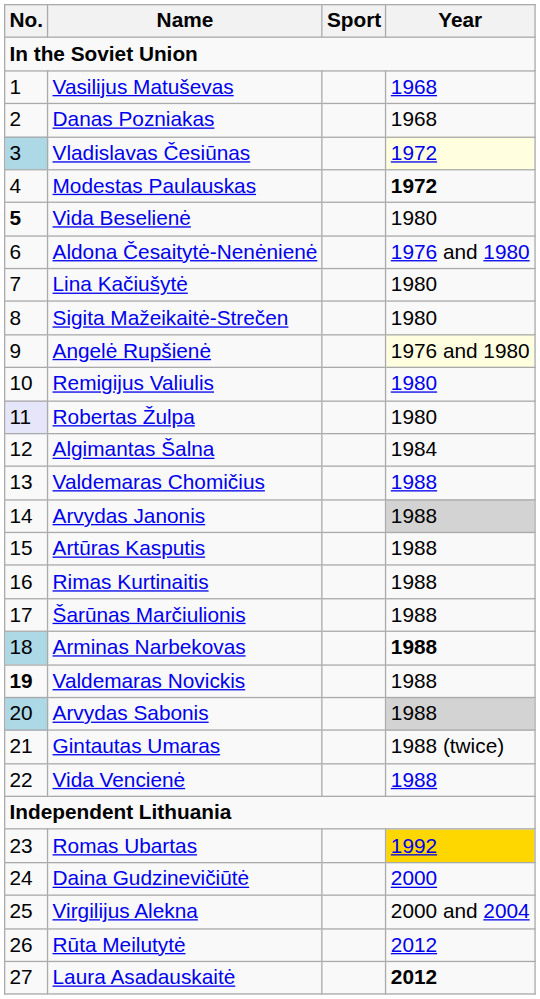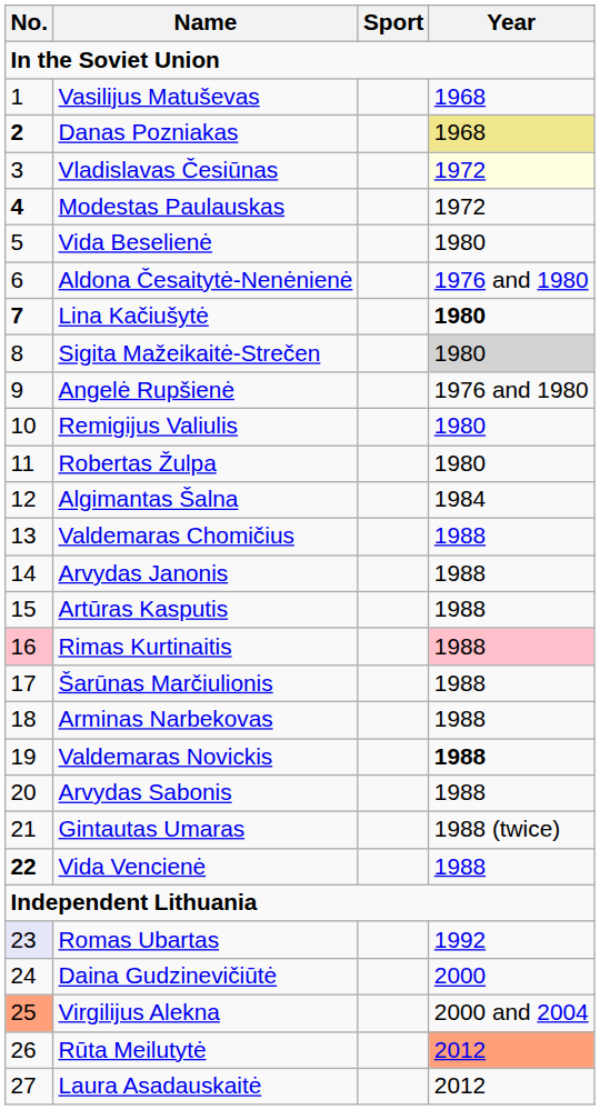 <table class=wikitable>
 <tr>
 <th>No.</th>
 <th>Name</th>
 <th>Sport</th>
 <th>Year</th>
 </tr>
 <tr>
 <td colspan=4><strong>In the Soviet Union</strong></td>
 </tr>
 <tr>
 <td>1</td>
 <td><a href='#'>Vasilijus Matuševas</a></td>
 <td></td>
 <td><a href='#'>1968</a></td>
 </tr>
 <tr>
-<td>2</td>
+<td><strong>2</strong></td>
 <td><a href='#'>Danas Pozniakas</a></td>
 <td></td>
-<td>1968</td>
+<td style="background: khaki;">1968</td>
 </tr>
 <tr>
-<td style="background: lightblue;">3</td>
+<td>3</td>
 <td><a href='#'>Vladislavas Česiūnas</a></td>
 <td></td>
 <td style="background: lightyellow;"><a href='#'>1972</a></td>
 </tr>
 <tr>
-<td>4</td>
+<td><strong>4</strong></td>
 <td><a href='#'>Modestas Paulauskas</a></td>
 <td></td>
-<td><strong>1972</strong></td>
+<td>1972</td>
 </tr>
 <tr>
-<td><strong>5</strong></td>
+<td>5</td>
 <td><a href='#'>Vida Beselienė</a></td>
 <td></td>
 <td>1980</td>
 </tr>
 <tr>
 <td>6</td>
 <td><a href='#'>Aldona Česaitytė-Nenėnienė</a></td>
 <td></td>
 <td><a href='#'>1976</a> and <a href='#'>1980</a></td>
 </tr>
 <tr>
-<td>7</td>
+<td><strong>7</strong></td>
 <td><a href='#'>Lina Kačiušytė</a></td>
 <td></td>
-<td>1980</td>
+<td><strong>1980</strong></td>
 </tr>
 <tr>
 <td>8</td>
 <td><a href='#'>Sigita Mažeikaitė-Strečen</a></td>
 <td></td>
-<td>1980</td>
+<td style="background: lightgrey;">1980</td>
 </tr>
 <tr>
 <td>9</td>
 <td><a href='#'>Angelė Rupšienė</a></td>
 <td></td>
-<td style="background: lightyellow;">1976 and 1980</td>
+<td>1976 and 1980</td>
 </tr>
 <tr>
 <td>10</td>
 <td><a href='#'>Remigijus Valiulis</a></td>
 <td></td>
 <td><a href='#'>1980</a></td>
 </tr>
 <tr>
-<td style="background: lavender;">11</td>
+<td>11</td>
 <td><a href='#'>Robertas Žulpa</a></td>
 <td></td>
 <td>1980</td>
 </tr>
 <tr>
 <td>12</td>
 <td><a href='#'>Algimantas Šalna</a></td>
 <td></td>
 <td>1984</td>
 </tr>
 <tr>
 <td>13</td>
 <td><a href='#'>Valdemaras Chomičius</a></td>
 <td></td>
 <td><a href='#'>1988</a></td>
 </tr>
 <tr>
 <td>14</td>
 <td><a href='#'>Arvydas Janonis</a></td>
 <td></td>
-<td style="background: lightgrey;">1988</td>
+<td>1988</td>
 </tr>
 <tr>
 <td>15</td>
 <td><a href='#'>Artūras Kasputis</a></td>
 <td></td>
 <td>1988</td>
 </tr>
 <tr>
-<td>16</td>
+<td style="background: pink;">16</td>
 <td><a href='#'>Rimas Kurtinaitis</a></td>
 <td></td>
-<td>1988</td>
+<td style="background: pink;">1988</td>
 </tr>
 <tr>
 <td>17</td>
 <td><a href='#'>Šarūnas Marčiulionis</a></td>
 <td></td>
 <td>1988</td>
 </tr>
 <tr>
-<td style="background: lightblue;">18</td>
+<td>18</td>
 <td><a href='#'>Arminas Narbekovas</a></td>
+<td></td>
+<td>1988</td>
+</tr>
+<tr>
+<td>19</td>
+<td><a href='#'>Valdemaras Novickis</a></td>
 <td></td>
 <td><strong>1988</strong></td>
 </tr>
 <tr>
-<td><strong>19</strong></td>
-<td><a href='#'>Valdemaras Novickis</a></td>
+<td>20</td>
+<td><a href='#'>Arvydas Sabonis</a></td>
 <td></td>
 <td>1988</td>
-</tr>
-<tr>
-<td style="background: lightblue;">20</td>
-<td><a href='#'>Arvydas Sabonis</a></td>
-<td></td>
-<td style="background: lightgrey;">1988</td>
 </tr>
 <tr>
 <td>21</td>
 <td><a href='#'>Gintautas Umaras</a></td>
 <td></td>
 <td>1988 (twice)</td>
 </tr>
 <tr>
-<td>22</td>
+<td><strong>22</strong></td>
 <td><a href='#'>Vida Vencienė</a></td>
 <td></td>
 <td><a href='#'>1988</a></td>
 </tr>
 <tr>
 <td colspan=4><strong>Independent Lithuania</strong></td>
 </tr>
 <tr>
-<td>23</td>
+<td style="background: lavender;">23</td>
 <td><a href='#'>Romas Ubartas</a></td>
 <td></td>
-<td style="background: gold;"><a href='#'>1992</a></td>
+<td><a href='#'>1992</a></td>
 </tr>
 <tr>
 <td>24</td>
 <td><a href='#'>Daina Gudzinevičiūtė</a></td>
 <td></td>
 <td><a href='#'>2000</a></td>
 </tr>
 <tr>
-<td>25</td>
+<td style="background: lightsalmon;">25</td>
 <td><a href='#'>Virgilijus Alekna</a></td>
 <td></td>
 <td>2000 and <a href='#'>2004</a></td>
 </tr>
 <tr>
 <td>26</td>
 <td><a href='#'>Rūta Meilutytė</a></td>
 <td></td>
-<td><a href='#'>2012</a></td>
+<td style="background: lightsalmon;"><a href='#'>2012</a></td>
 </tr>
 <tr>
 <td>27</td>
 <td><a href='#'>Laura Asadauskaitė</a></td>
 <td></td>
-<td><strong>2012</strong></td>
+<td>2012</td>
 </tr>
 </table>
